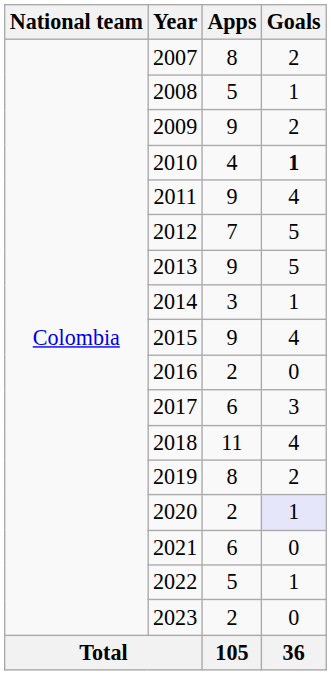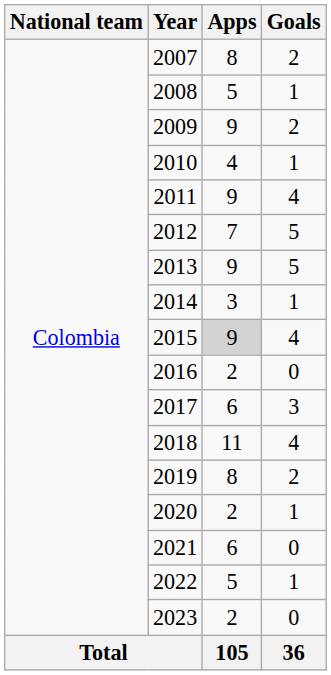 <table class="wikitable" style="text-align:center">
 <tr>
 <th>National team</th>
 <th>Year</th>
 <th>Apps</th>
 <th>Goals</th>
 </tr>
 <tr>
 <td rowspan="17"><a href='#'>Colombia</a></td>
 <td>2007</td>
 <td>8</td>
 <td>2</td>
 </tr>
 <tr>
 <td>2008</td>
 <td>5</td>
 <td>1</td>
 </tr>
 <tr>
 <td>2009</td>
 <td>9</td>
 <td>2</td>
 </tr>
 <tr>
 <td>2010</td>
 <td>4</td>
-<td><strong>1</strong></td>
+<td>1</td>
 </tr>
 <tr>
 <td>2011</td>
 <td>9</td>
 <td>4</td>
 </tr>
 <tr>
 <td>2012</td>
 <td>7</td>
 <td>5</td>
 </tr>
 <tr>
 <td>2013</td>
 <td>9</td>
 <td>5</td>
 </tr>
 <tr>
 <td>2014</td>
 <td>3</td>
 <td>1</td>
 </tr>
 <tr>
 <td>2015</td>
-<td>9</td>
+<td style="background: lightgrey;">9</td>
 <td>4</td>
 </tr>
 <tr>
 <td>2016</td>
 <td>2</td>
 <td>0</td>
 </tr>
 <tr>
 <td>2017</td>
 <td>6</td>
 <td>3</td>
 </tr>
 <tr>
 <td>2018</td>
 <td>11</td>
 <td>4</td>
 </tr>
 <tr>
 <td>2019</td>
 <td>8</td>
 <td>2</td>
 </tr>
 <tr>
 <td>2020</td>
 <td>2</td>
-<td style="background: lavender;">1</td>
+<td>1</td>
 </tr>
 <tr>
 <td>2021</td>
 <td>6</td>
 <td>0</td>
 </tr>
 <tr>
 <td>2022</td>
 <td>5</td>
 <td>1</td>
 </tr>
 <tr>
 <td>2023</td>
 <td>2</td>
 <td>0</td>
 </tr>
 <tr>
 <th colspan="2">Total</th>
 <th>105</th>
 <th>36</th>
 </tr>
 </table>
